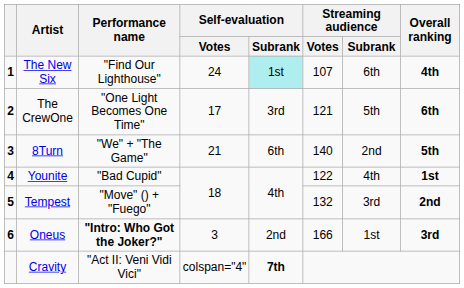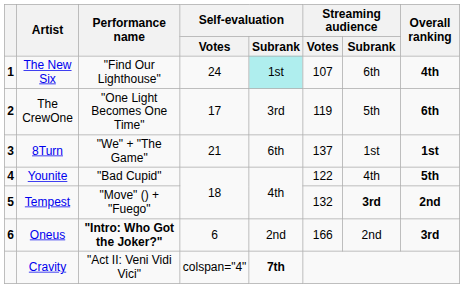 <table class="wikitable sortable" style="text-align:center">
 <tr>
 <th rowspan="2"></th>
 <th rowspan="2">Artist</th>
 <th rowspan="2">Performance name</th>
 <th colspan="2">Self-evaluation</th>
 <th colspan="2">Streaming audience</th>
 <th rowspan="2">Overall ranking</th>
 </tr>
 <tr>
 <th>Votes</th>
 <th>Subrank</th>
 <th>Votes</th>
 <th>Subrank</th>
 </tr>
 <tr>
 <td><strong>1</strong></td>
 <td><a href='#'>The New Six</a></td>
 <td>"Find Our Lighthouse"</td>
 <td>24</td>
 <td style="background: paleturquoise;">1st</td>
 <td>107</td>
 <td>6th</td>
 <td><strong>4th</strong></td>
 </tr>
 <tr>
 <td><strong>2</strong></td>
 <td>The CrewOne</td>
 <td>"One Light Becomes One Time"</td>
 <td>17</td>
 <td>3rd</td>
-<td>121</td>
+<td>119</td>
 <td>5th</td>
 <td><strong>6th</strong></td>
 </tr>
 <tr>
 <td><strong>3</strong></td>
 <td><a href='#'>8Turn</a></td>
 <td>"We" + "The Game"</td>
 <td>21</td>
 <td>6th</td>
-<td>140</td>
-<td>2nd</td>
-<td><strong>5th</strong></td>
+<td>137</td>
+<td>1st</td>
+<td><strong>1st</strong></td>
 </tr>
 <tr>
 <td><strong>4</strong></td>
 <td><a href='#'>Younite</a></td>
 <td>"Bad Cupid"</td>
 <td rowspan="2">18</td>
 <td rowspan="2">4th</td>
 <td>122</td>
 <td>4th</td>
-<td><strong>1st</strong></td>
+<td><strong>5th</strong></td>
 </tr>
 <tr>
 <td><strong>5</strong></td>
 <td><a href='#'>Tempest</a></td>
 <td>"Move" () + "Fuego" </td>
 <td>132</td>
-<td>3rd</td>
+<td><strong>3rd</strong></td>
 <td><strong>2nd</strong></td>
 </tr>
 <tr>
 <td><strong>6</strong></td>
 <td><a href='#'>Oneus</a></td>
 <td><strong>"Intro: Who Got the Joker?"</strong></td>
-<td>3</td>
+<td>6</td>
 <td>2nd</td>
 <td>166</td>
-<td>1st</td>
+<td>2nd</td>
 <td><strong>3rd</strong></td>
 </tr>
 <tr>
 <td></td>
 <td><a href='#'>Cravity</a></td>
 <td>"Act II: Veni Vidi Vici"</td>
 <td>colspan="4" </td>
 <td><strong>7th</strong></td>
 </tr>
 </table>
